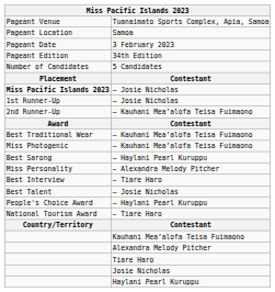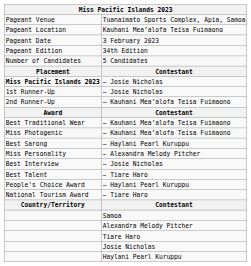 <table class="wikitable sortable" style="font-size: 80%;">
 <tr>
 <th colspan="2"><strong>Miss Pacific Islands 2023</strong></th>
 </tr>
 <tr>
 <td>Pageant Venue</td>
 <td>Tuanaimato Sports Complex, Apia, Samoa</td>
 </tr>
 <tr>
 <td>Pageant Location</td>
-<td>Samoa</td>
+<td>Kauhani Mea’alofa Teisa Fuimaono</td>
 </tr>
 <tr>
 <td>Pageant Date</td>
 <td>3 February 2023</td>
 </tr>
 <tr>
 <td>Pageant Edition</td>
 <td>34th Edition</td>
 </tr>
 <tr>
 <td>Number of Candidates</td>
 <td>5 Candidates</td>
 </tr>
 <tr>
 <th>Placement</th>
 <th>Contestant</th>
 </tr>
 <tr>
 <td><strong>Miss Pacific Islands 2023</strong></td>
 <td> – Josie Nicholas</td>
 </tr>
 <tr>
 <td>1st Runner-Up</td>
 <td> – Josie Nicholas</td>
 </tr>
 <tr>
 <td>2nd Runner-Up</td>
 <td> – Kauhani Mea’alofa Teisa Fuimaono</td>
 </tr>
 <tr>
 <th>Award</th>
 <th>Contestant</th>
 </tr>
 <tr>
 <td>Best Traditional Wear</td>
 <td> – Kauhani Mea’alofa Teisa Fuimaono</td>
 </tr>
 <tr>
 <td>Miss Photogenic</td>
 <td> – Kauhani Mea’alofa Teisa Fuimaono</td>
 </tr>
 <tr>
 <td>Best Sarong</td>
 <td> – Haylani Pearl Kuruppu</td>
 </tr>
 <tr>
 <td>Miss Personality</td>
 <td> − Alexandra Melody Pitcher</td>
 </tr>
 <tr>
 <td>Best Interview</td>
-<td> − Tiare Haro</td>
+<td> – Josie Nicholas</td>
 </tr>
 <tr>
 <td>Best Talent</td>
-<td> – Josie Nicholas</td>
+<td> − Tiare Haro</td>
 </tr>
 <tr>
 <td>People's Choice Award</td>
 <td> – Haylani Pearl Kuruppu</td>
 </tr>
 <tr>
 <td>National Tourism Award</td>
 <td> − Tiare Haro</td>
 </tr>
 <tr>
 <th><strong>Country/Territory</strong></th>
 <th>Contestant</th>
 </tr>
 <tr>
 <td></td>
-<td>Kauhani Mea’alofa Teisa Fuimaono</td>
+<td>Samoa</td>
 </tr>
 <tr>
 <td></td>
 <td>Alexandra Melody Pitcher</td>
 </tr>
 <tr>
 <td></td>
 <td>Tiare Haro</td>
 </tr>
 <tr>
 <td></td>
 <td>Josie Nicholas</td>
 </tr>
 <tr>
 <td></td>
 <td>Haylani Pearl Kuruppu</td>
 </tr>
 </table>
